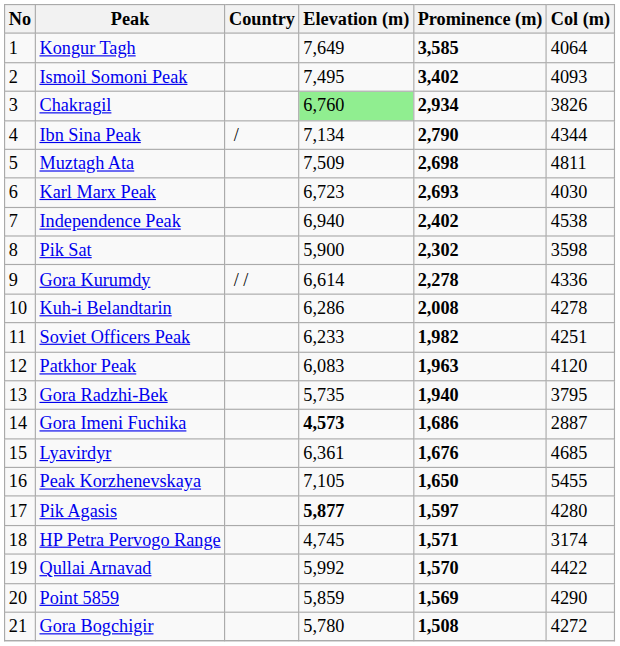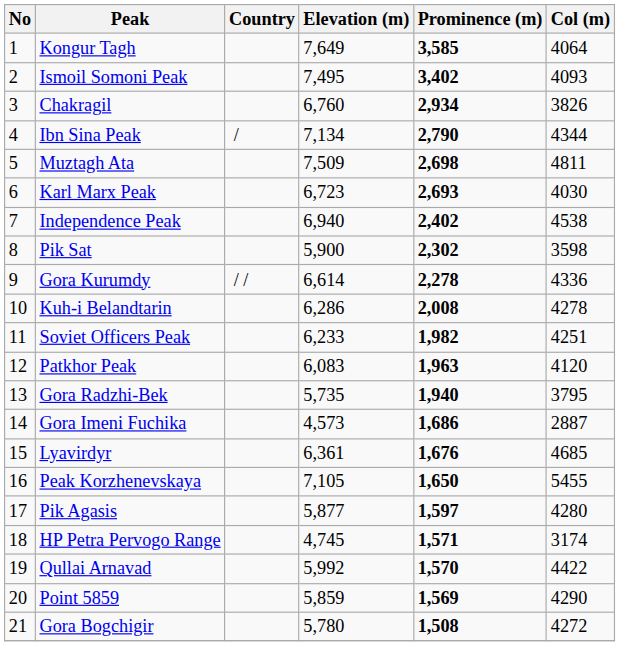 <table class="wikitable sortable">
 <tr>
 <th>No</th>
 <th>Peak</th>
 <th>Country</th>
 <th>Elevation (m)</th>
 <th>Prominence (m)</th>
 <th>Col (m)</th>
 </tr>
 <tr>
 <td>1</td>
 <td><a href='#'>Kongur Tagh</a></td>
 <td></td>
 <td>7,649</td>
 <td><strong>3,585</strong></td>
 <td>4064</td>
 </tr>
 <tr>
 <td>2</td>
 <td><a href='#'>Ismoil Somoni Peak</a></td>
 <td></td>
 <td>7,495</td>
 <td><strong>3,402</strong></td>
 <td>4093</td>
 </tr>
 <tr>
 <td>3</td>
 <td><a href='#'>Chakragil</a></td>
 <td></td>
-<td style="background: lightgreen;">6,760</td>
+<td>6,760</td>
 <td><strong>2,934</strong></td>
 <td>3826</td>
 </tr>
 <tr>
 <td>4</td>
 <td><a href='#'>Ibn Sina Peak</a></td>
 <td> / </td>
 <td>7,134</td>
 <td><strong>2,790</strong></td>
 <td>4344</td>
 </tr>
 <tr>
 <td>5</td>
 <td><a href='#'>Muztagh Ata</a></td>
 <td></td>
 <td>7,509</td>
 <td><strong>2,698</strong></td>
 <td>4811</td>
 </tr>
 <tr>
 <td>6</td>
 <td><a href='#'>Karl Marx Peak</a></td>
 <td></td>
 <td>6,723</td>
 <td><strong>2,693</strong></td>
 <td>4030</td>
 </tr>
 <tr>
 <td>7</td>
 <td><a href='#'>Independence Peak</a></td>
 <td></td>
 <td>6,940</td>
 <td><strong>2,402</strong></td>
 <td>4538</td>
 </tr>
 <tr>
 <td>8</td>
 <td><a href='#'>Pik Sat</a></td>
 <td></td>
 <td>5,900</td>
 <td><strong>2,302</strong></td>
 <td>3598</td>
 </tr>
 <tr>
 <td>9</td>
 <td><a href='#'>Gora Kurumdy</a></td>
 <td> / / </td>
 <td>6,614</td>
 <td><strong>2,278</strong></td>
 <td>4336</td>
 </tr>
 <tr>
 <td>10</td>
 <td><a href='#'>Kuh-i Belandtarin</a></td>
 <td></td>
 <td>6,286</td>
 <td><strong>2,008</strong></td>
 <td>4278</td>
 </tr>
 <tr>
 <td>11</td>
 <td><a href='#'>Soviet Officers Peak</a></td>
 <td></td>
 <td>6,233</td>
 <td><strong>1,982</strong></td>
 <td>4251</td>
 </tr>
 <tr>
 <td>12</td>
 <td><a href='#'>Patkhor Peak</a></td>
 <td></td>
 <td>6,083</td>
 <td><strong>1,963</strong></td>
 <td>4120</td>
 </tr>
 <tr>
 <td>13</td>
 <td><a href='#'>Gora Radzhi-Bek</a></td>
 <td></td>
 <td>5,735</td>
 <td><strong>1,940</strong></td>
 <td>3795</td>
 </tr>
 <tr>
 <td>14</td>
 <td><a href='#'>Gora Imeni Fuchika</a></td>
 <td></td>
-<td><strong>4,573</strong></td>
+<td>4,573</td>
 <td><strong>1,686</strong></td>
 <td>2887</td>
 </tr>
 <tr>
 <td>15</td>
 <td><a href='#'>Lyavirdyr</a></td>
 <td></td>
 <td>6,361</td>
 <td><strong>1,676</strong></td>
 <td>4685</td>
 </tr>
 <tr>
 <td>16</td>
 <td><a href='#'>Peak Korzhenevskaya</a></td>
 <td></td>
 <td>7,105</td>
 <td><strong>1,650</strong></td>
 <td>5455</td>
 </tr>
 <tr>
 <td>17</td>
 <td><a href='#'>Pik Agasis</a></td>
 <td></td>
-<td><strong>5,877</strong></td>
+<td>5,877</td>
 <td><strong>1,597</strong></td>
 <td>4280</td>
 </tr>
 <tr>
 <td>18</td>
 <td><a href='#'>HP Petra Pervogo Range</a></td>
 <td></td>
 <td>4,745</td>
 <td><strong>1,571</strong></td>
 <td>3174</td>
 </tr>
 <tr>
 <td>19</td>
 <td><a href='#'>Qullai Arnavad</a></td>
 <td></td>
 <td>5,992</td>
 <td><strong>1,570</strong></td>
 <td>4422</td>
 </tr>
 <tr>
 <td>20</td>
 <td><a href='#'>Point 5859</a></td>
 <td></td>
 <td>5,859</td>
 <td><strong>1,569</strong></td>
 <td>4290</td>
 </tr>
 <tr>
 <td>21</td>
 <td><a href='#'>Gora Bogchigir</a></td>
 <td></td>
 <td>5,780</td>
 <td><strong>1,508</strong></td>
 <td>4272</td>
 </tr>
 <tr>
 </tr>
 </table>
